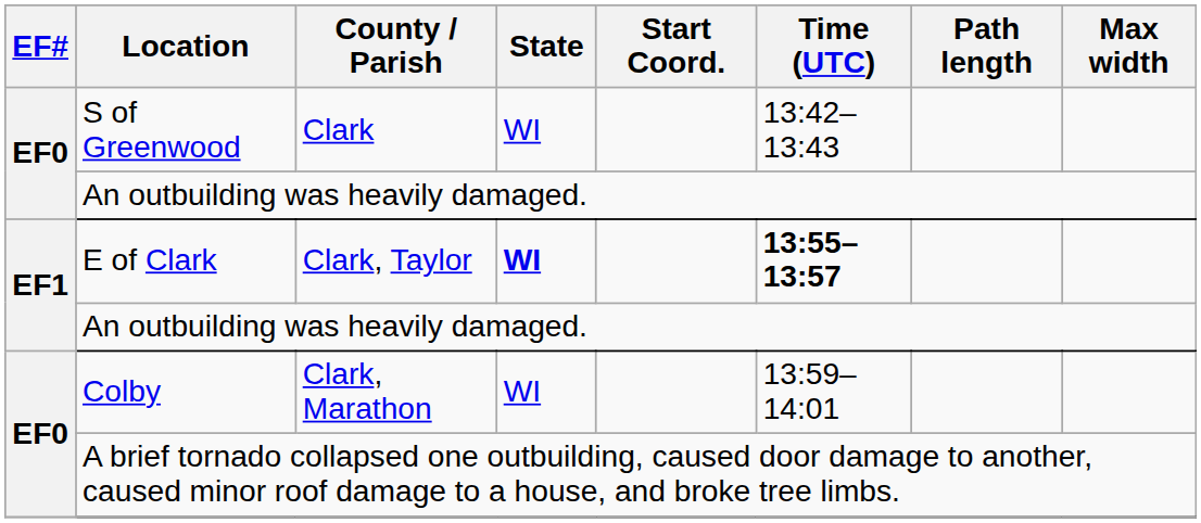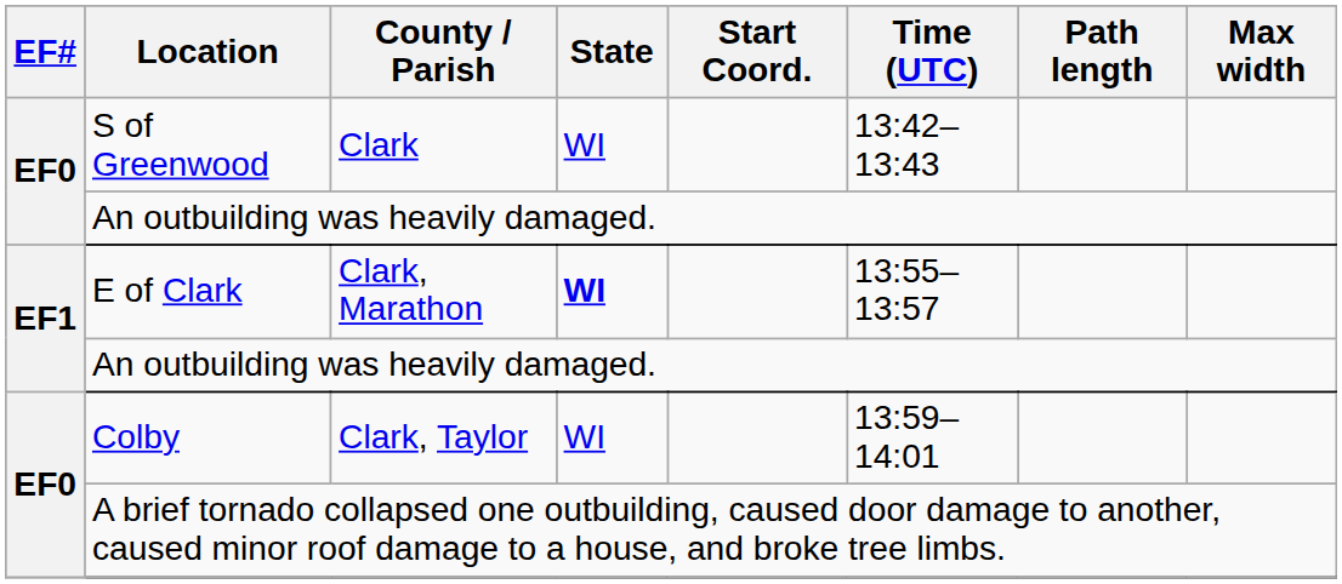 <table class="wikitable sortable" style="width:100%;">
 <tr>
 <th scope="col" width="2%" align="center"><a href='#'>EF#</a></th>
 <th scope="col" align="center" class="unsortable">Location</th>
 <th scope="col" align="center" class="unsortable">County / Parish</th>
 <th scope="col" align="center">State</th>
 <th scope="col" align="center">Start Coord.</th>
 <th scope="col" align="center">Time (<a href='#'>UTC</a>)</th>
 <th scope="col" align="center">Path length</th>
 <th scope="col" align="center">Max width</th>
 </tr>
 <tr>
 <th scope="row" rowspan="2" style="background-color:#">EF0</th>
 <td>S of <a href='#'>Greenwood</a></td>
 <td><a href='#'>Clark</a></td>
 <td><a href='#'>WI</a></td>
 <td></td>
 <td>13:42–13:43</td>
 <td></td>
 <td></td>
 </tr>
 <tr class="expand-child">
 <td colspan="8" style=" border-bottom: 1px solid black;">An outbuilding was heavily damaged.</td>
 </tr>
 <tr>
 <th scope="row" rowspan="2" style="background-color:#">EF1</th>
 <td>E of <a href='#'>Clark</a></td>
-<td><a href='#'>Clark</a>, <a href='#'>Taylor</a></td>
+<td><a href='#'>Clark</a>, <a href='#'>Marathon</a></td>
 <td><strong><a href='#'>WI</a></strong></td>
 <td></td>
-<td><strong>13:55–13:57</strong></td>
+<td>13:55–13:57</td>
 <td></td>
 <td></td>
 </tr>
 <tr class="expand-child">
 <td colspan="8" style=" border-bottom: 1px solid black;">An outbuilding was heavily damaged.</td>
 </tr>
 <tr>
 <th scope="row" rowspan="2" style="background-color:#">EF0</th>
 <td><a href='#'>Colby</a></td>
-<td><a href='#'>Clark</a>, <a href='#'>Marathon</a></td>
+<td><a href='#'>Clark</a>, <a href='#'>Taylor</a></td>
 <td><a href='#'>WI</a></td>
 <td></td>
 <td>13:59–14:01</td>
 <td></td>
 <td></td>
 </tr>
 <tr class="expand-child">
 <td colspan="8" style=" border-bottom: 1px solid black;">A brief tornado collapsed one outbuilding, caused door damage to another, caused minor roof damage to a house, and broke tree limbs.</td>
 </tr>
 <tr>
 </tr>
 </table>
